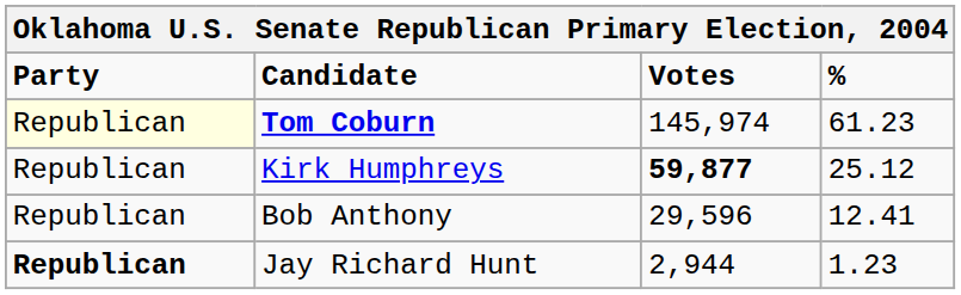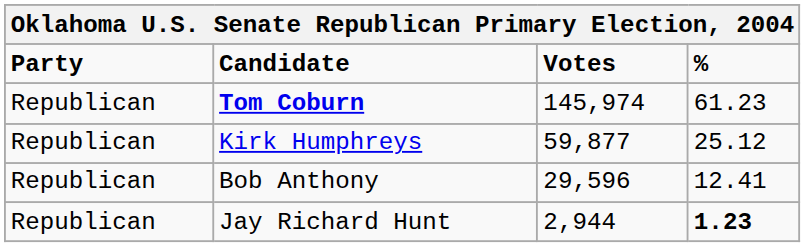 <table class="wikitable">
 <tr>
 <th colspan="4">Oklahoma U.S. Senate Republican Primary Election, 2004</th>
 </tr>
 <tr>
 <td><strong>Party</strong></td>
 <td><strong>Candidate</strong></td>
 <td><strong>Votes</strong></td>
 <td><strong>%</strong></td>
 </tr>
 <tr>
-<td style="background: lightyellow;">Republican</td>
+<td>Republican</td>
 <td><strong><a href='#'>Tom Coburn</a></strong></td>
 <td>145,974</td>
 <td>61.23</td>
 </tr>
 <tr>
 <td>Republican</td>
 <td><a href='#'>Kirk Humphreys</a></td>
-<td><strong>59,877</strong></td>
+<td>59,877</td>
 <td>25.12</td>
 </tr>
 <tr>
 <td>Republican</td>
 <td>Bob Anthony</td>
 <td>29,596</td>
 <td>12.41</td>
 </tr>
 <tr>
-<td><strong>Republican</strong></td>
+<td>Republican</td>
 <td>Jay Richard Hunt</td>
 <td>2,944</td>
-<td>1.23</td>
+<td><strong>1.23</strong></td>
 </tr>
 </table>
